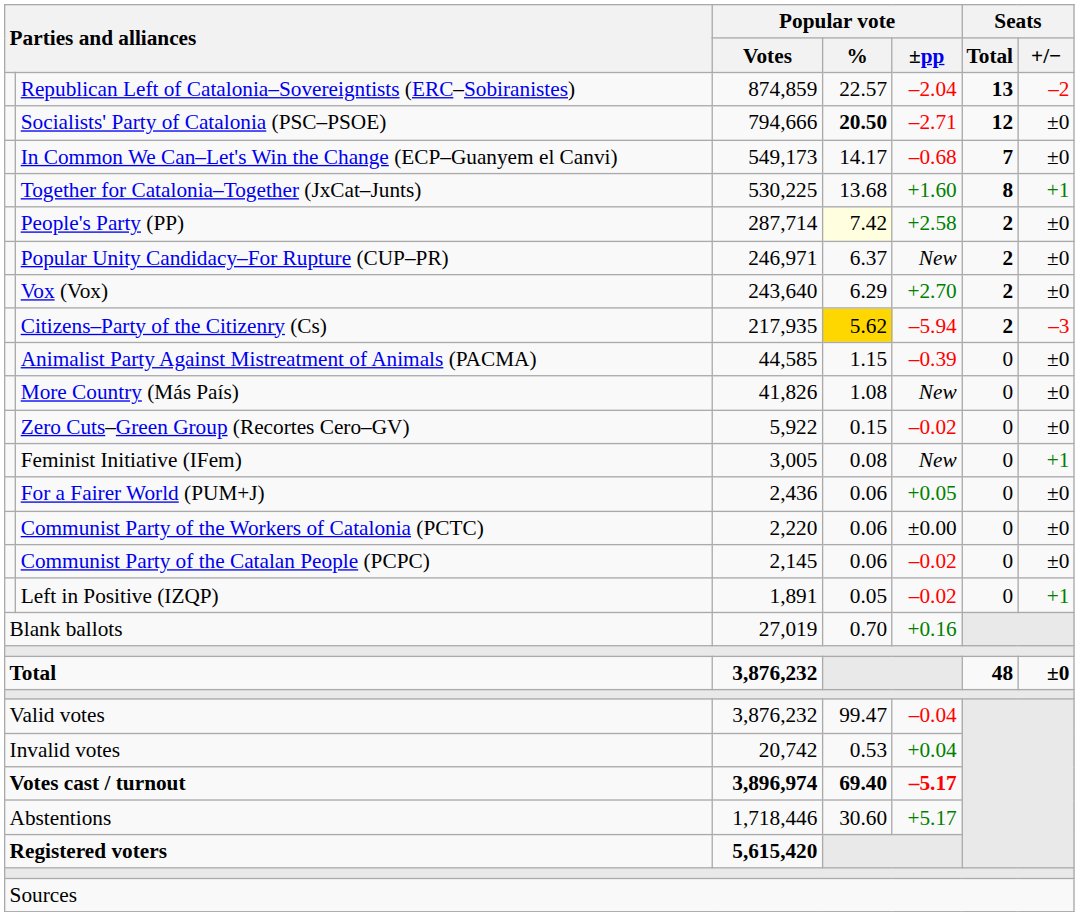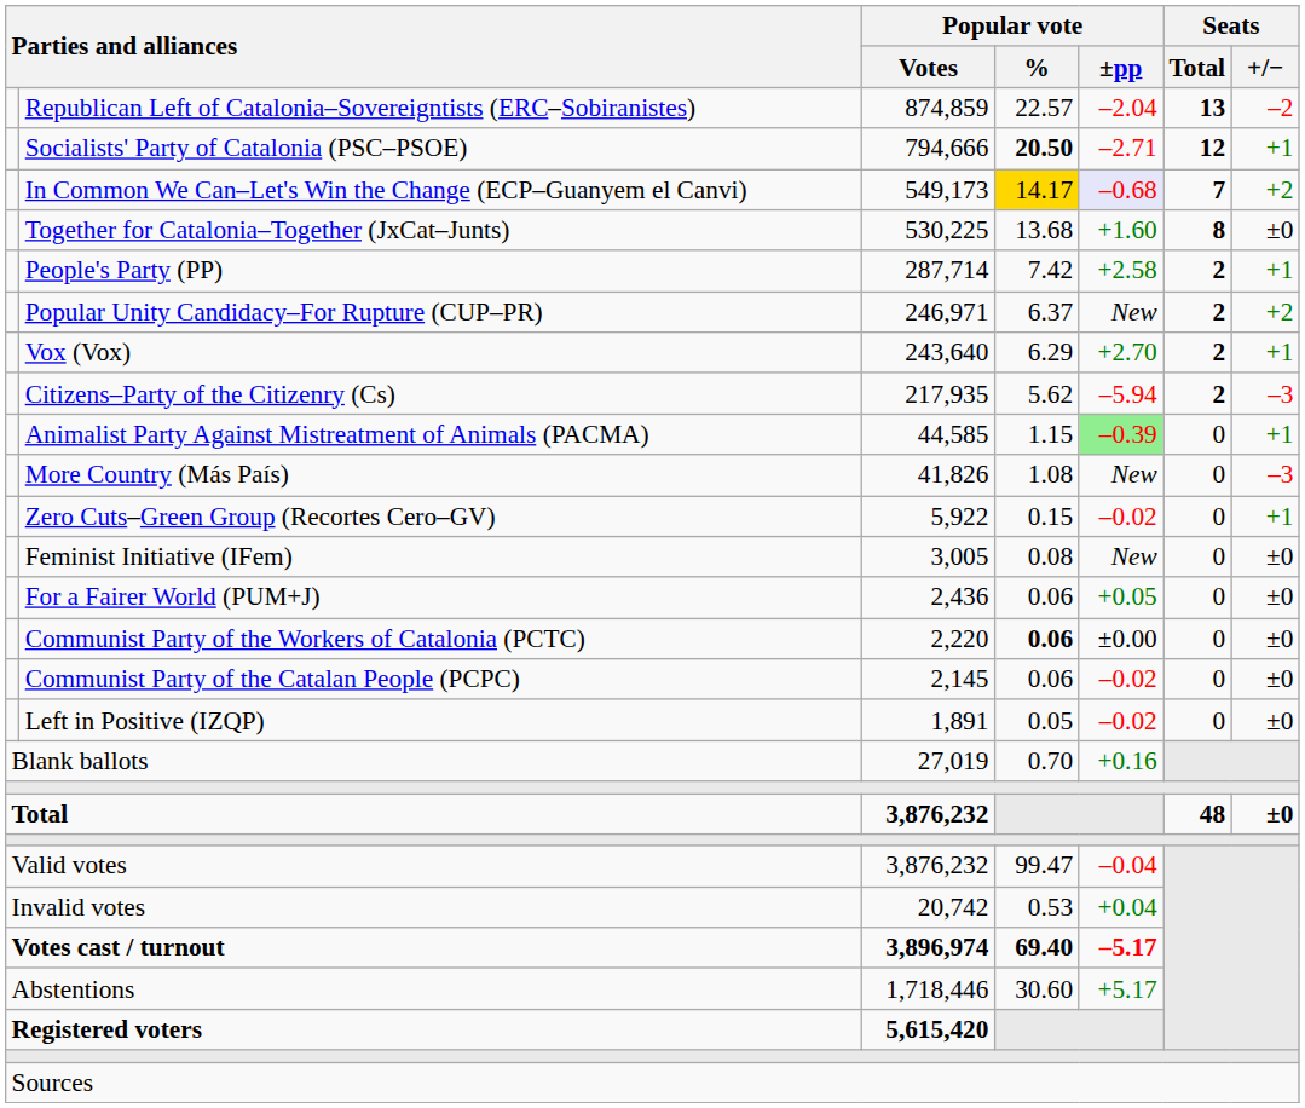 <table class="wikitable" style="text-align:right;">
 <tr>
 <th style="text-align:left;" rowspan="2" colspan="2" width="525">Parties and alliances</th>
 <th colspan="3">Popular vote</th>
 <th colspan="2">Seats</th>
 </tr>
 <tr>
 <th width="75">Votes</th>
 <th width="45">%</th>
 <th width="45">±<a href='#'>pp</a></th>
 <th width="35">Total</th>
 <th width="35">+/−</th>
 </tr>
 <tr>
 <td width="1" style="color:inherit;background:"></td>
 <td align="left"><a href='#'>Republican Left of Catalonia–Sovereigntists</a> (<a href='#'>ERC</a>–<a href='#'>Sobiranistes</a>)</td>
 <td>874,859</td>
 <td>22.57</td>
 <td style="color:red;">–2.04</td>
 <td><strong>13</strong></td>
 <td style="color:red;">–2</td>
 </tr>
 <tr>
 <td style="color:inherit;background:"></td>
 <td align="left"><a href='#'>Socialists' Party of Catalonia</a> (PSC–PSOE)</td>
 <td>794,666</td>
 <td><strong>20.50</strong></td>
 <td style="color:red;">–2.71</td>
 <td><strong>12</strong></td>
-<td>±0</td>
+<td style="color:green;">+1</td>
 </tr>
 <tr>
 <td style="color:inherit;background:"></td>
 <td align="left"><a href='#'>In Common We Can–Let's Win the Change</a> (ECP–Guanyem el Canvi)</td>
 <td>549,173</td>
-<td>14.17</td>
-<td style="color:red;">–0.68</td>
+<td style="background: gold;">14.17</td>
+<td style="background: lavender; color:red;">–0.68</td>
 <td><strong>7</strong></td>
-<td>±0</td>
+<td style="color:green;">+2</td>
 </tr>
 <tr>
 <td style="color:inherit;background:"></td>
 <td align="left"><a href='#'>Together for Catalonia–Together</a> (JxCat–Junts)</td>
 <td>530,225</td>
 <td>13.68</td>
 <td style="color:green;">+1.60</td>
 <td><strong>8</strong></td>
-<td style="color:green;">+1</td>
+<td>±0</td>
 </tr>
 <tr>
 <td style="color:inherit;background:"></td>
 <td align="left"><a href='#'>People's Party</a> (PP)</td>
 <td>287,714</td>
-<td style="background: lightyellow;">7.42</td>
+<td>7.42</td>
 <td style="color:green;">+2.58</td>
 <td><strong>2</strong></td>
-<td>±0</td>
+<td style="color:green;">+1</td>
 </tr>
 <tr>
 <td style="color:inherit;background:"></td>
 <td align="left"><a href='#'>Popular Unity Candidacy–For Rupture</a> (CUP–PR)</td>
 <td>246,971</td>
 <td>6.37</td>
 <td><em>New</em></td>
 <td><strong>2</strong></td>
-<td>±0</td>
+<td style="color:green;">+2</td>
 </tr>
 <tr>
 <td style="color:inherit;background:"></td>
 <td align="left"><a href='#'>Vox</a> (Vox)</td>
 <td>243,640</td>
 <td>6.29</td>
 <td style="color:green;">+2.70</td>
 <td><strong>2</strong></td>
-<td>±0</td>
+<td style="color:green;">+1</td>
 </tr>
 <tr>
 <td style="color:inherit;background:"></td>
 <td align="left"><a href='#'>Citizens–Party of the Citizenry</a> (Cs)</td>
 <td>217,935</td>
-<td style="background: gold;">5.62</td>
+<td>5.62</td>
 <td style="color:red;">–5.94</td>
 <td><strong>2</strong></td>
 <td style="color:red;">–3</td>
 </tr>
 <tr>
 <td style="color:inherit;background:"></td>
 <td align="left"><a href='#'>Animalist Party Against Mistreatment of Animals</a> (PACMA)</td>
 <td>44,585</td>
 <td>1.15</td>
-<td style="color:red;">–0.39</td>
+<td style="background: lightgreen; color:red;">–0.39</td>
 <td>0</td>
-<td>±0</td>
+<td style="color:green;">+1</td>
 </tr>
 <tr>
 <td style="color:inherit;background:"></td>
 <td align="left"><a href='#'>More Country</a> (Más País)</td>
 <td>41,826</td>
 <td>1.08</td>
 <td><em>New</em></td>
 <td>0</td>
-<td>±0</td>
+<td style="color:red;">–3</td>
 </tr>
 <tr>
 <td style="color:inherit;background:"></td>
 <td align="left"><a href='#'>Zero Cuts</a>–<a href='#'>Green Group</a> (Recortes Cero–GV)</td>
 <td>5,922</td>
 <td>0.15</td>
 <td style="color:red;">–0.02</td>
 <td>0</td>
-<td>±0</td>
+<td style="color:green;">+1</td>
 </tr>
 <tr>
 <td style="color:inherit;background:"></td>
 <td align="left">Feminist Initiative (IFem)</td>
 <td>3,005</td>
 <td>0.08</td>
 <td><em>New</em></td>
 <td>0</td>
-<td style="color:green;">+1</td>
+<td>±0</td>
 </tr>
 <tr>
 <td style="color:inherit;background:"></td>
 <td align="left"><a href='#'>For a Fairer World</a> (PUM+J)</td>
 <td>2,436</td>
 <td>0.06</td>
 <td style="color:green;">+0.05</td>
 <td>0</td>
 <td>±0</td>
 </tr>
 <tr>
 <td style="color:inherit;background:"></td>
 <td align="left"><a href='#'>Communist Party of the Workers of Catalonia</a> (PCTC)</td>
 <td>2,220</td>
-<td>0.06</td>
+<td><strong>0.06</strong></td>
 <td>±0.00</td>
 <td>0</td>
 <td>±0</td>
 </tr>
 <tr>
 <td style="color:inherit;background:"></td>
 <td align="left"><a href='#'>Communist Party of the Catalan People</a> (PCPC)</td>
 <td>2,145</td>
 <td>0.06</td>
 <td style="color:red;">–0.02</td>
 <td>0</td>
 <td>±0</td>
 </tr>
 <tr>
 <td style="color:inherit;background:"></td>
 <td align="left">Left in Positive (IZQP)</td>
 <td>1,891</td>
 <td>0.05</td>
 <td style="color:red;">–0.02</td>
 <td>0</td>
-<td style="color:green;">+1</td>
+<td>±0</td>
 </tr>
 <tr>
 <td align="left" colspan="2">Blank ballots</td>
 <td>27,019</td>
 <td>0.70</td>
 <td style="color:green;">+0.16</td>
 <td bgcolor="#E9E9E9" colspan="2"></td>
 </tr>
 <tr>
 <td colspan="7" bgcolor="#E9E9E9"></td>
 </tr>
 <tr style="font-weight:bold;">
 <td align="left" colspan="2">Total</td>
 <td>3,876,232</td>
 <td bgcolor="#E9E9E9" colspan="2"></td>
 <td>48</td>
 <td>±0</td>
 </tr>
 <tr>
 <td colspan="7" bgcolor="#E9E9E9"></td>
 </tr>
 <tr>
 <td align="left" colspan="2">Valid votes</td>
 <td>3,876,232</td>
 <td>99.47</td>
 <td style="color:red;">–0.04</td>
 <td bgcolor="#E9E9E9" colspan="2" rowspan="5"></td>
 </tr>
 <tr>
 <td align="left" colspan="2">Invalid votes</td>
 <td>20,742</td>
 <td>0.53</td>
 <td style="color:green;">+0.04</td>
 </tr>
 <tr style="font-weight:bold;">
 <td align="left" colspan="2">Votes cast / turnout</td>
 <td>3,896,974</td>
 <td>69.40</td>
 <td style="color:red;">–5.17</td>
 </tr>
 <tr>
 <td align="left" colspan="2">Abstentions</td>
 <td>1,718,446</td>
 <td>30.60</td>
 <td style="color:green;">+5.17</td>
 </tr>
 <tr style="font-weight:bold;">
 <td align="left" colspan="2">Registered voters</td>
 <td>5,615,420</td>
 <td bgcolor="#E9E9E9" colspan="2"></td>
 </tr>
 <tr>
 <td colspan="7" bgcolor="#E9E9E9"></td>
 </tr>
 <tr>
 <td align="left" colspan="7">Sources</td>
 </tr>
 </table>
